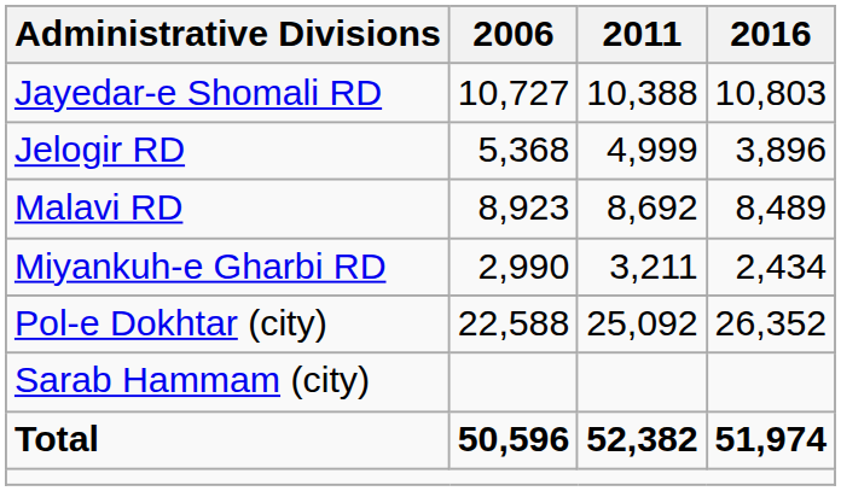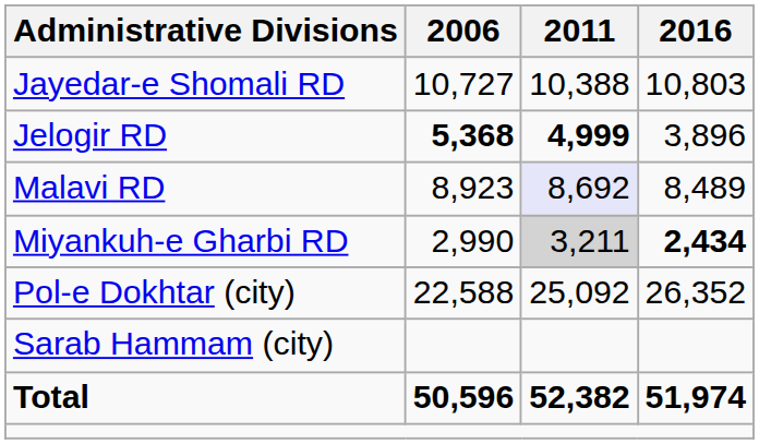 <table class="wikitable">
 <tr>
 <th>Administrative Divisions</th>
 <th>2006</th>
 <th>2011</th>
 <th>2016</th>
 </tr>
 <tr>
 <td><a href='#'>Jayedar-e Shomali RD</a></td>
 <td style="text-align: right;">10,727</td>
 <td style="text-align: right;">10,388</td>
 <td style="text-align: right;">10,803</td>
 </tr>
 <tr>
 <td><a href='#'>Jelogir RD</a></td>
-<td style="text-align: right;">5,368</td>
-<td style="text-align: right;">4,999</td>
+<td style="text-align: right;"><strong>5,368</strong></td>
+<td style="text-align: right;"><strong>4,999</strong></td>
 <td style="text-align: right;">3,896</td>
 </tr>
 <tr>
 <td><a href='#'>Malavi RD</a></td>
 <td style="text-align: right;">8,923</td>
-<td style="text-align: right;">8,692</td>
+<td style="background: lavender; text-align: right;">8,692</td>
 <td style="text-align: right;">8,489</td>
 </tr>
 <tr>
 <td><a href='#'>Miyankuh-e Gharbi RD</a></td>
 <td style="text-align: right;">2,990</td>
-<td style="text-align: right;">3,211</td>
-<td style="text-align: right;">2,434</td>
+<td style="background: lightgrey; text-align: right;">3,211</td>
+<td style="text-align: right;"><strong>2,434</strong></td>
 </tr>
 <tr>
 <td><a href='#'>Pol-e Dokhtar</a> (city)</td>
 <td style="text-align: right;">22,588</td>
 <td style="text-align: right;">25,092</td>
 <td style="text-align: right;">26,352</td>
 </tr>
 <tr>
 <td><a href='#'>Sarab Hammam</a> (city)</td>
 <td style="text-align: right;"></td>
 <td style="text-align: right;"></td>
 <td style="text-align: right;"></td>
 </tr>
 <tr>
 <td><strong>Total</strong></td>
 <td style="text-align: right;"><strong>50,596</strong></td>
 <td style="text-align: right;"><strong>52,382</strong></td>
 <td style="text-align: right;"><strong>51,974</strong></td>
 </tr>
 <tr>
 <td colspan=4></td>
 </tr>
 </table>
